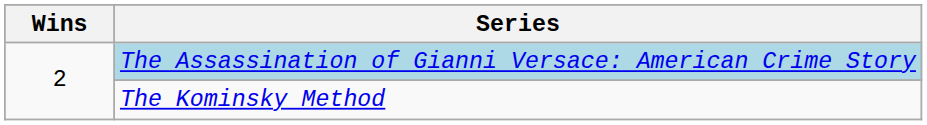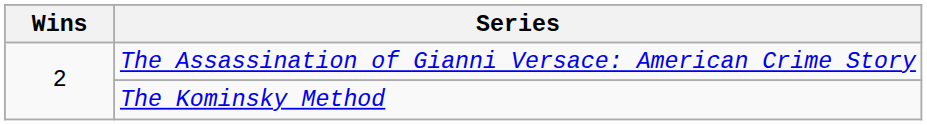 <table class="wikitable">
 <tr>
 <th scope="col" style="width:55px;">Wins</th>
 <th scope="col" style="text-align:center;">Series</th>
 </tr>
 <tr>
 <td rowspan="2" style="text-align:center">2</td>
-<td style="background: lightblue;"><em><a href='#'>The Assassination of Gianni Versace: American Crime Story</a></em></td>
+<td><em><a href='#'>The Assassination of Gianni Versace: American Crime Story</a></em></td>
 </tr>
 <tr>
 <td><em><a href='#'>The Kominsky Method</a></em></td>
 </tr>
 </table>
